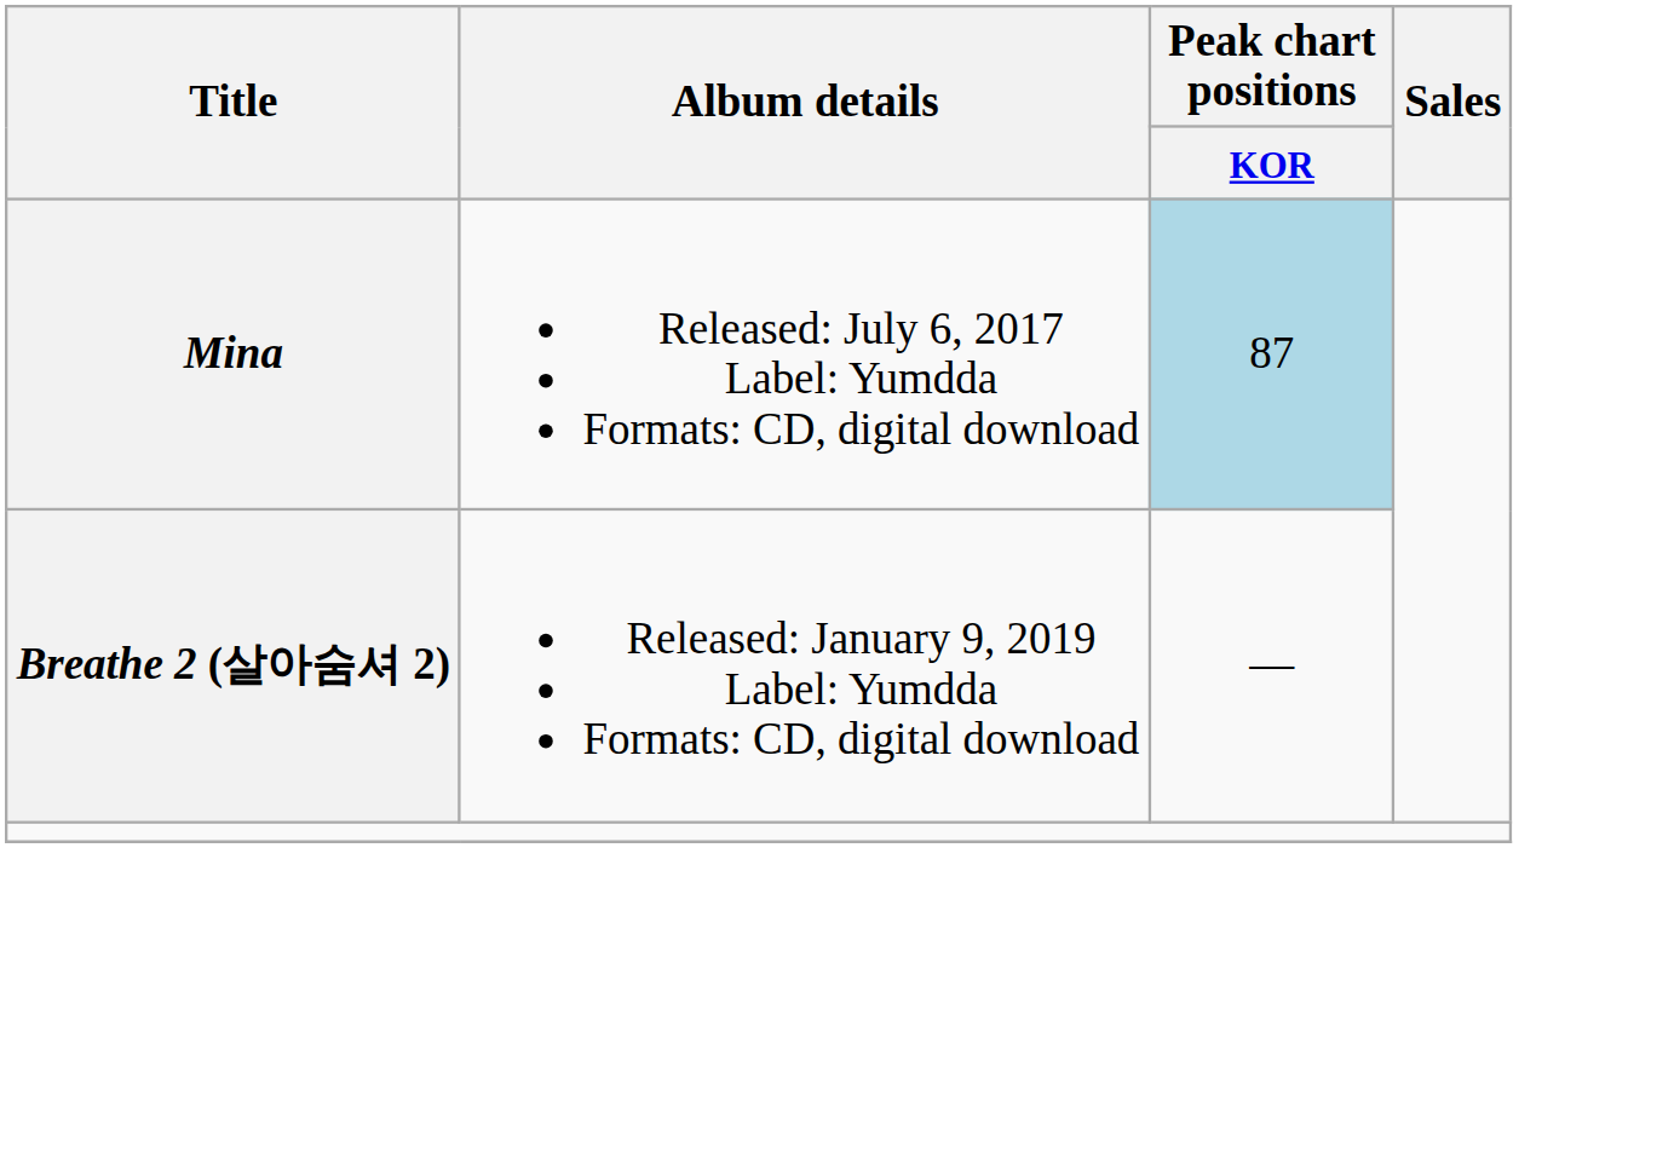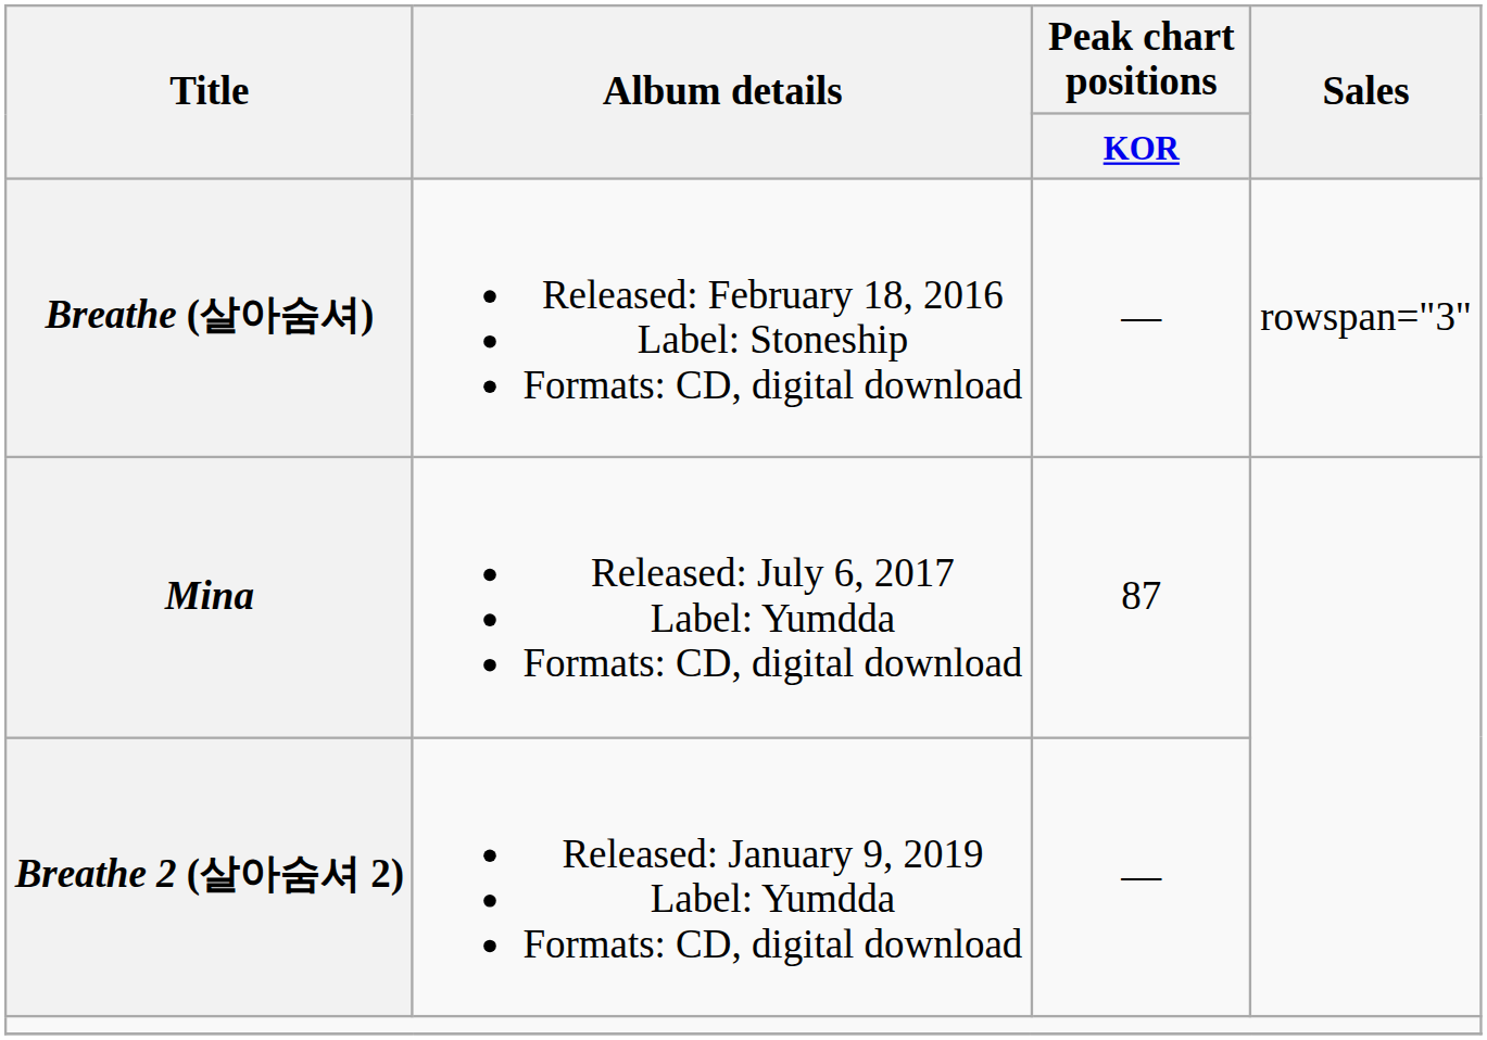 <table class="wikitable plainrowheaders" style="text-align:center;">
 <tr>
 <th rowspan="2" scope="col">Title</th>
 <th rowspan="2" scope="col">Album details</th>
 <th colspan="1" scope="col" style="width:5em;">Peak chart positions</th>
 <th rowspan="2" scope="col">Sales</th>
 </tr>
 <tr>
 <th><small><a href='#'>KOR</a></small><br></th>
 </tr>
 <tr>
+<th scope="row"><em>Breathe</em> (살아숨셔)</th>
+<td><br><ul><li>Released: February 18, 2016</li><li>Label: Stoneship</li><li>Formats: CD, digital download</li></ul></td>
+<td>—</td>
+<td>rowspan="3" </td>
+</tr>
+<tr>
 <th scope="row"><em>Mina</em></th>
 <td><br><ul><li>Released: July 6, 2017</li><li>Label: Yumdda</li><li>Formats: CD, digital download</li></ul></td>
-<td style="background: lightblue;">87</td>
+<td>87</td>
 </tr>
 <tr>
 <th scope="row"><em>Breathe 2</em> (살아숨셔 2)</th>
 <td><br><ul><li>Released: January 9, 2019</li><li>Label: Yumdda</li><li>Formats: CD, digital download</li></ul></td>
 <td>—</td>
 </tr>
 <tr>
 <td colspan="4"></td>
 </tr>
 <tr>
 </tr>
 </table>
